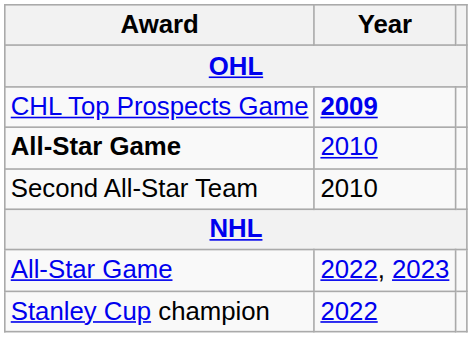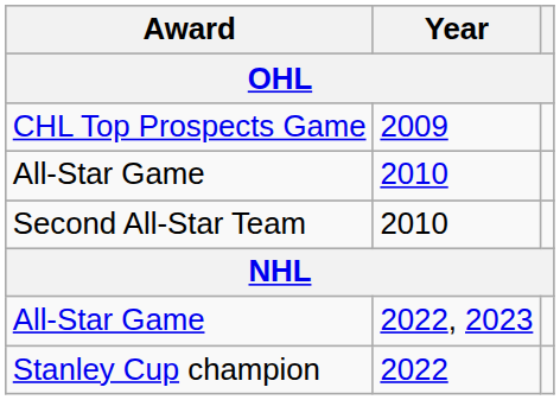 <table class="wikitable">
 <tr>
 <th>Award</th>
 <th>Year</th>
 <th></th>
 </tr>
 <tr ALIGN="center" bgcolor="#e0e0e0">
 <th colspan="3"><a href='#'>OHL</a></th>
 </tr>
 <tr>
 <td><a href='#'>CHL Top Prospects Game</a></td>
-<td><strong><a href='#'>2009</a></strong></td>
+<td><a href='#'>2009</a></td>
 <td></td>
 </tr>
 <tr>
-<td><strong>All-Star Game</strong></td>
+<td>All-Star Game</td>
 <td><a href='#'>2010</a></td>
 <td></td>
 </tr>
 <tr>
 <td>Second All-Star Team</td>
 <td>2010</td>
 <td></td>
 </tr>
 <tr>
 <th colspan="3"><a href='#'>NHL</a></th>
 </tr>
 <tr>
 <td><a href='#'>All-Star Game</a></td>
 <td><a href='#'>2022</a>, <a href='#'>2023</a></td>
 <td></td>
 </tr>
 <tr>
 <td><a href='#'>Stanley Cup</a> champion</td>
 <td><a href='#'>2022</a></td>
 <td></td>
 </tr>
 </table>
